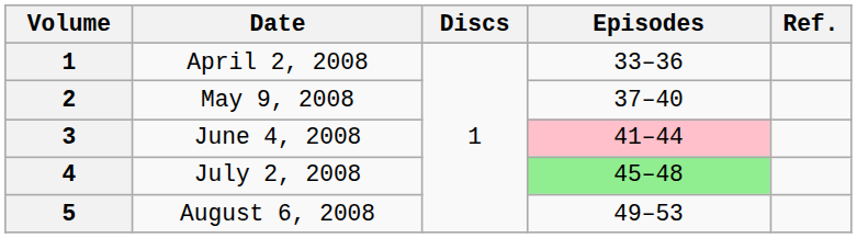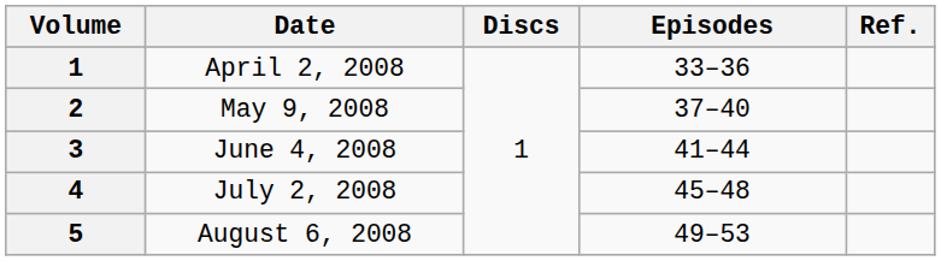 <table class="wikitable" style="text-align:center;">
 <tr>
 <th scope="col" style="width:5em;">Volume</th>
 <th scope="col" style="width:12em;">Date</th>
 <th scope="col" style="width:4em;">Discs</th>
 <th scope="col" style="width:10em;">Episodes</th>
 <th scope="col" style="width:3em;">Ref.</th>
 </tr>
 <tr>
 <th scope="row">1</th>
 <td>April 2, 2008</td>
 <td rowspan="5">1</td>
 <td>33–36</td>
 <td></td>
 </tr>
 <tr>
 <th scope="row">2</th>
 <td>May 9, 2008</td>
 <td>37–40</td>
 <td></td>
 </tr>
 <tr>
 <th scope="row">3</th>
 <td>June 4, 2008</td>
-<td style="background: pink;">41–44</td>
+<td>41–44</td>
 <td></td>
 </tr>
 <tr>
 <th scope="row">4</th>
 <td>July 2, 2008</td>
-<td style="background: lightgreen;">45–48</td>
+<td>45–48</td>
 <td></td>
 </tr>
 <tr>
 <th scope="row">5</th>
 <td>August 6, 2008</td>
 <td>49–53</td>
 <td></td>
 </tr>
 </table>
